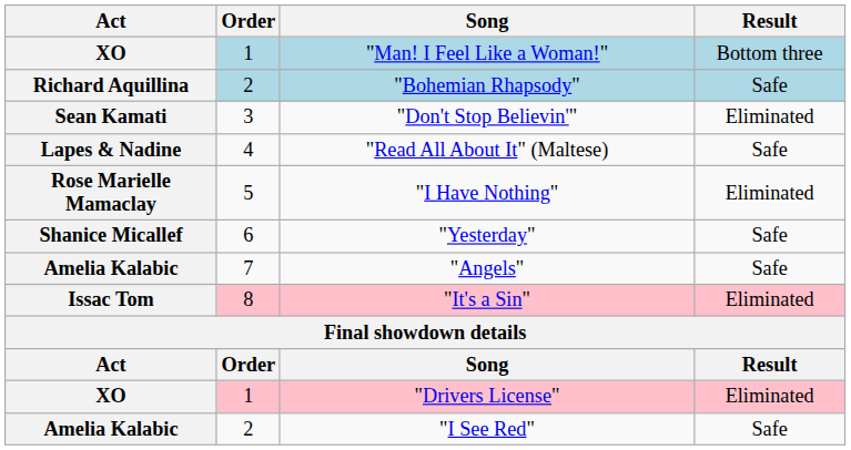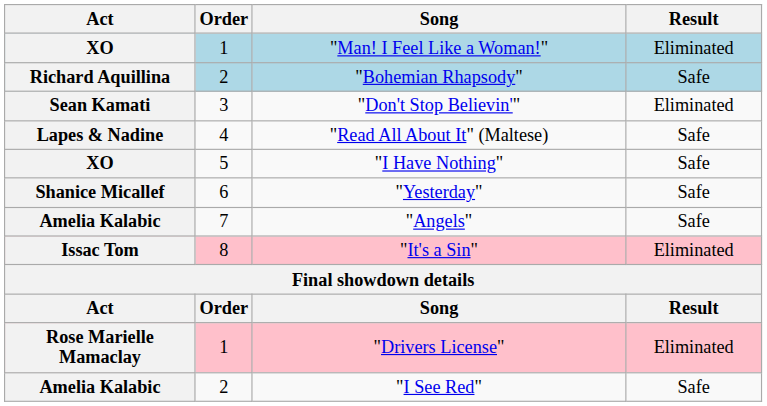 <table class="wikitable plainrowheaders" style="text-align:center;">
 <tr>
 <th scope="col" style="width:10em;">Act</th>
 <th scope="col">Order</th>
 <th scope="col" style="width:20em;">Song</th>
 <th scope="col" style="width:7em;">Result</th>
 </tr>
 <tr style="background:lightblue;">
 <th scope="row">XO</th>
 <td>1</td>
 <td>"<a href='#'>Man! I Feel Like a Woman!</a>"</td>
-<td>Bottom three</td>
+<td>Eliminated</td>
 </tr>
 <tr style="background:lightblue;">
 <th scope="row">Richard Aquillina</th>
 <td>2</td>
 <td>"<a href='#'>Bohemian Rhapsody</a>"</td>
 <td>Safe</td>
 </tr>
 <tr>
 <th scope="row">Sean Kamati</th>
 <td>3</td>
 <td>"<a href='#'>Don't Stop Believin'</a>"</td>
 <td>Eliminated</td>
 </tr>
 <tr>
 <th scope="row">Lapes & Nadine</th>
 <td>4</td>
 <td>"<a href='#'>Read All About It</a>" (Maltese)</td>
 <td>Safe</td>
 </tr>
 <tr>
-<th scope="row">Rose Marielle Mamaclay</th>
+<th scope="row">XO</th>
 <td>5</td>
 <td>"<a href='#'>I Have Nothing</a>"</td>
-<td>Eliminated</td>
+<td>Safe</td>
 </tr>
 <tr>
 <th scope="row">Shanice Micallef</th>
 <td>6</td>
 <td>"<a href='#'>Yesterday</a>"</td>
 <td>Safe</td>
 </tr>
 <tr>
 <th scope="row">Amelia Kalabic</th>
 <td>7</td>
 <td>"<a href='#'>Angels</a>"</td>
 <td>Safe</td>
 </tr>
 <tr style="background:pink;">
 <th scope="row">Issac Tom</th>
 <td>8</td>
 <td>"<a href='#'>It's a Sin</a>"</td>
 <td>Eliminated</td>
 </tr>
 <tr>
 <th colspan="4">Final showdown details</th>
 </tr>
 <tr>
 <th scope="col" style="width:10em;">Act</th>
 <th scope="col">Order</th>
 <th scope="col">Song</th>
 <th scope="col" style="width:6em;">Result</th>
 </tr>
 <tr style="background:pink;">
-<th scope="row">XO</th>
+<th scope="row">Rose Marielle Mamaclay</th>
 <td>1</td>
 <td>"<a href='#'>Drivers License</a>"</td>
 <td>Eliminated</td>
 </tr>
 <tr>
 <th scope="row">Amelia Kalabic</th>
 <td>2</td>
 <td>"<a href='#'>I See Red</a>"</td>
 <td>Safe</td>
 </tr>
 </table>
